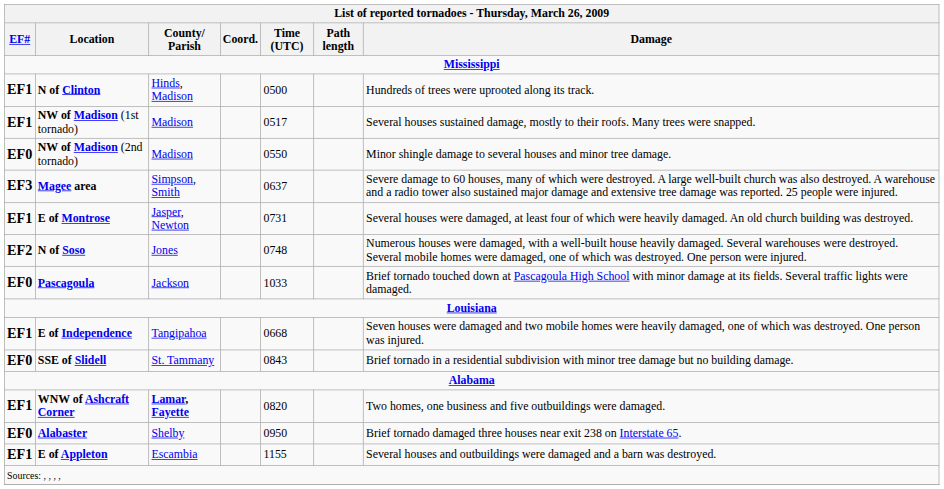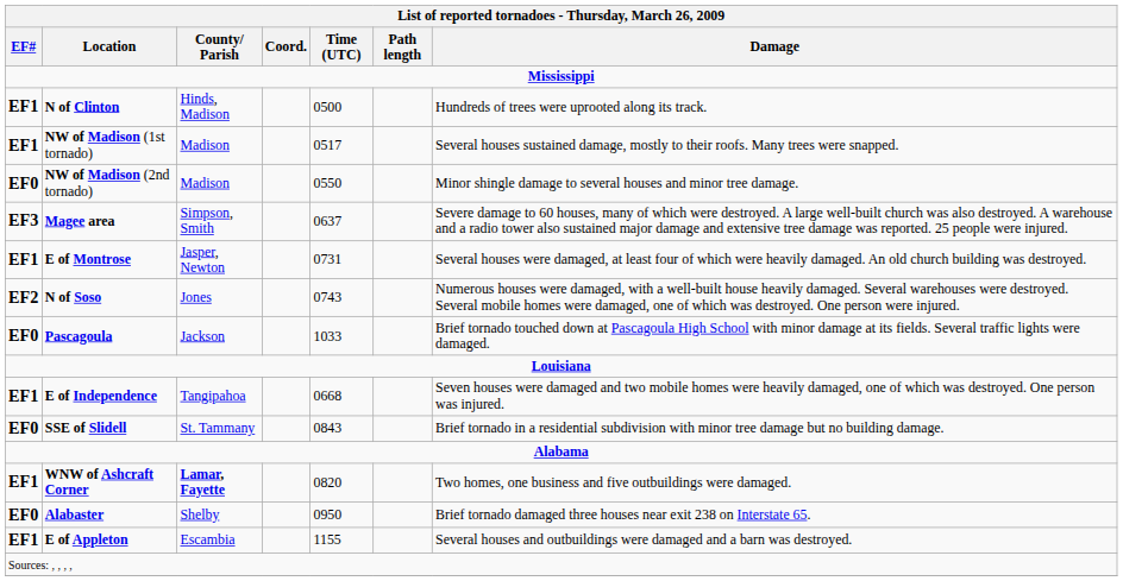 <table class="wikitable collapsible" width="100%">
 <tr>
 <th colspan="7">List of reported tornadoes - Thursday, March 26, 2009</th>
 </tr>
 <tr>
 <th><a href='#'>EF#</a></th>
 <th>Location</th>
 <th>County/<br>Parish</th>
 <th>Coord.</th>
 <th>Time (UTC)</th>
 <th>Path length</th>
 <th>Damage</th>
 </tr>
 <tr>
 <td colspan="7" align=center><strong><a href='#'>Mississippi</a></strong></td>
 </tr>
 <tr>
 <td><big><strong>EF1</strong></big></td>
 <td><strong>N of <a href='#'>Clinton</a></strong></td>
 <td><a href='#'>Hinds</a>, <a href='#'>Madison</a></td>
 <td></td>
 <td>0500</td>
 <td></td>
 <td>Hundreds of trees were uprooted along its track.</td>
 </tr>
 <tr>
 <td><big><strong>EF1</strong></big></td>
 <td><strong>NW of <a href='#'>Madison</a></strong> (1st tornado)</td>
 <td><a href='#'>Madison</a></td>
 <td></td>
 <td>0517</td>
 <td></td>
 <td>Several houses sustained damage, mostly to their roofs. Many trees were snapped.</td>
 </tr>
 <tr>
 <td><big><strong>EF0</strong></big></td>
 <td><strong>NW of <a href='#'>Madison</a></strong> (2nd tornado)</td>
 <td><a href='#'>Madison</a></td>
 <td></td>
 <td>0550</td>
 <td></td>
 <td>Minor shingle damage to several houses and minor tree damage.</td>
 </tr>
 <tr>
 <td><big><strong>EF3</strong></big></td>
 <td><strong><a href='#'>Magee</a> area</strong></td>
 <td><a href='#'>Simpson</a>, <a href='#'>Smith</a></td>
 <td></td>
 <td>0637</td>
 <td></td>
 <td>Severe damage to 60 houses, many of which were destroyed. A large well-built church was also destroyed. A warehouse and a radio tower also sustained major damage and extensive tree damage was reported. 25 people were injured.</td>
 </tr>
 <tr>
 <td><big><strong>EF1</strong></big></td>
 <td><strong>E of <a href='#'>Montrose</a></strong></td>
 <td><a href='#'>Jasper</a>, <a href='#'>Newton</a></td>
 <td></td>
 <td>0731</td>
 <td></td>
 <td>Several houses were damaged, at least four of which were heavily damaged. An old church building was destroyed.</td>
 </tr>
 <tr>
 <td><big><strong>EF2</strong></big></td>
 <td><strong>N of <a href='#'>Soso</a></strong></td>
 <td><a href='#'>Jones</a></td>
 <td></td>
-<td>0748</td>
+<td>0743</td>
 <td></td>
 <td>Numerous houses were damaged, with a well-built house heavily damaged. Several warehouses were destroyed. Several mobile homes were damaged, one of which was destroyed. One person were injured.</td>
 </tr>
 <tr>
 <td><big><strong>EF0</strong></big></td>
 <td><strong><a href='#'>Pascagoula</a></strong></td>
 <td><a href='#'>Jackson</a></td>
 <td></td>
 <td>1033</td>
 <td></td>
 <td>Brief tornado touched down at <a href='#'>Pascagoula High School</a> with minor damage at its fields. Several traffic lights were damaged.</td>
 </tr>
 <tr>
 <td colspan="7" align=center><strong><a href='#'>Louisiana</a></strong></td>
 </tr>
 <tr>
 <td><big><strong>EF1</strong></big></td>
 <td><strong>E of <a href='#'>Independence</a></strong></td>
 <td><a href='#'>Tangipahoa</a></td>
 <td></td>
 <td>0668</td>
 <td></td>
 <td>Seven houses were damaged and two mobile homes were heavily damaged, one of which was destroyed. One person was injured.</td>
 </tr>
 <tr>
 <td><big><strong>EF0</strong></big></td>
 <td><strong>SSE of <a href='#'>Slidell</a></strong></td>
 <td><a href='#'>St. Tammany</a></td>
 <td></td>
 <td>0843</td>
 <td></td>
 <td>Brief tornado in a residential subdivision with minor tree damage but no building damage.</td>
 </tr>
 <tr>
 <td colspan="7" align=center><strong><a href='#'>Alabama</a></strong></td>
 </tr>
 <tr>
 <td><big><strong>EF1</strong></big></td>
 <td><strong>WNW of <a href='#'>Ashcraft Corner</a></strong></td>
 <td><strong><a href='#'>Lamar</a>, <a href='#'>Fayette</a></strong></td>
 <td></td>
 <td>0820</td>
 <td></td>
 <td>Two homes, one business and five outbuildings were damaged.</td>
 </tr>
 <tr>
 <td><big><strong>EF0</strong></big></td>
 <td><strong><a href='#'>Alabaster</a></strong></td>
 <td><a href='#'>Shelby</a></td>
 <td></td>
 <td>0950</td>
 <td></td>
 <td>Brief tornado damaged three houses near exit 238 on <a href='#'>Interstate 65</a>.</td>
 </tr>
 <tr>
 <td><big><strong>EF1</strong></big></td>
 <td><strong>E of <a href='#'>Appleton</a></strong></td>
 <td><a href='#'>Escambia</a></td>
 <td></td>
 <td>1155</td>
 <td></td>
 <td>Several houses and outbuildings were damaged and a barn was destroyed.</td>
 </tr>
 <tr>
 <td colspan="7"><small>Sources: , ,  , , </small></td>
 </tr>
 <tr>
 </tr>
 </table>
